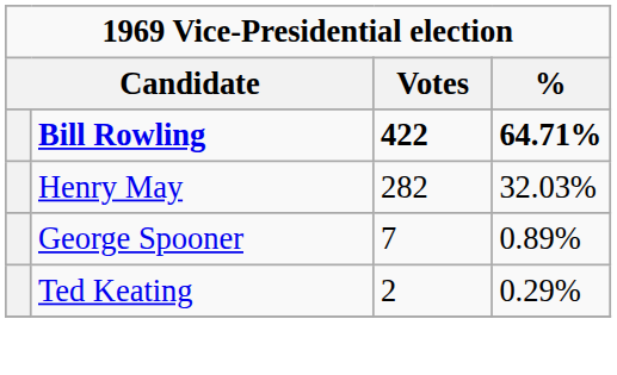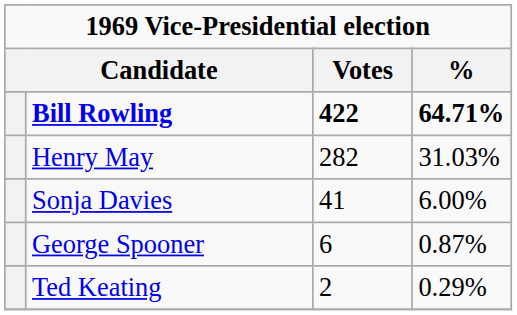 <table class="wikitable" style="font-size: 95%;">
 <tr>
 <td colspan=4 style="text-align:center;"><strong>1969 Vice-Presidential election</strong></td>
 </tr>
 <tr style="background-color:#E9E9E9">
 <th colspan="2" style="width: 170px">Candidate</th>
 <th style="width: 50px">Votes</th>
 <th style="width: 40px">%</th>
 </tr>
 <tr>
 <th width=5 style="background-color: "></th>
 <td><strong><a href='#'>Bill Rowling</a></strong></td>
 <td><strong>422</strong></td>
 <td><strong>64.71%</strong></td>
 </tr>
 <tr>
 <th style="background-color: "></th>
 <td><a href='#'>Henry May</a></td>
 <td>282</td>
-<td>32.03%</td>
+<td>31.03%</td>
+</tr>
+<tr>
+<th style="background-color: "></th>
+<td><a href='#'>Sonja Davies</a></td>
+<td>41</td>
+<td>6.00%</td>
 </tr>
 <tr>
 <th style="background-color: "></th>
 <td><a href='#'>George Spooner</a></td>
-<td>7</td>
-<td>0.89%</td>
+<td>6</td>
+<td>0.87%</td>
 </tr>
 <tr>
 <th style="background-color: "></th>
 <td><a href='#'>Ted Keating</a></td>
 <td>2</td>
 <td>0.29%</td>
 </tr>
 <tr>
 </tr>
 </table>
